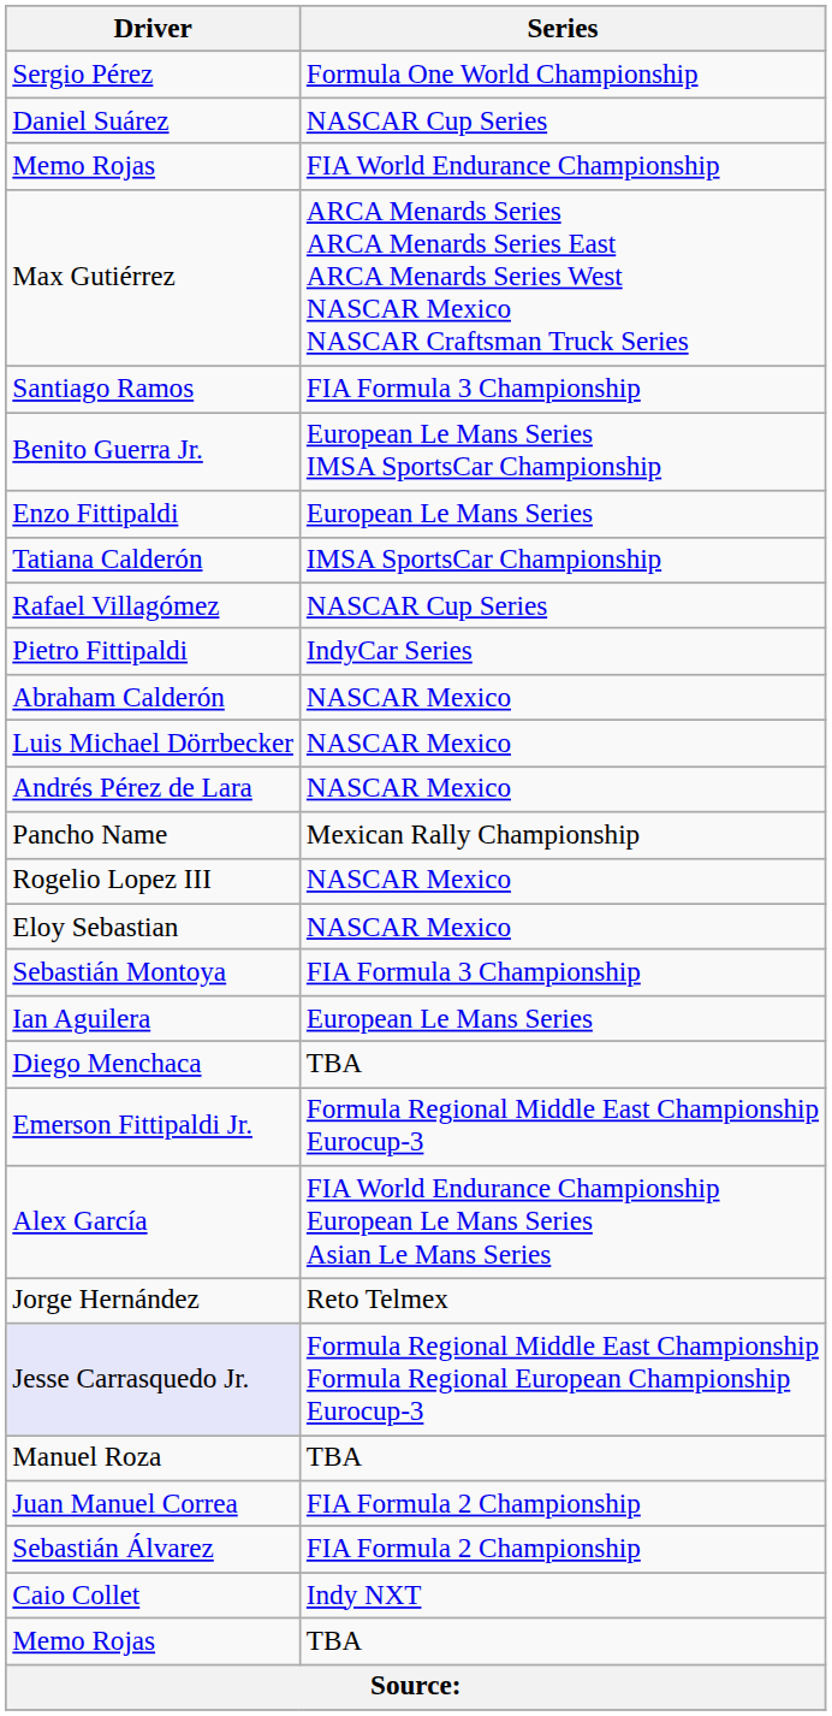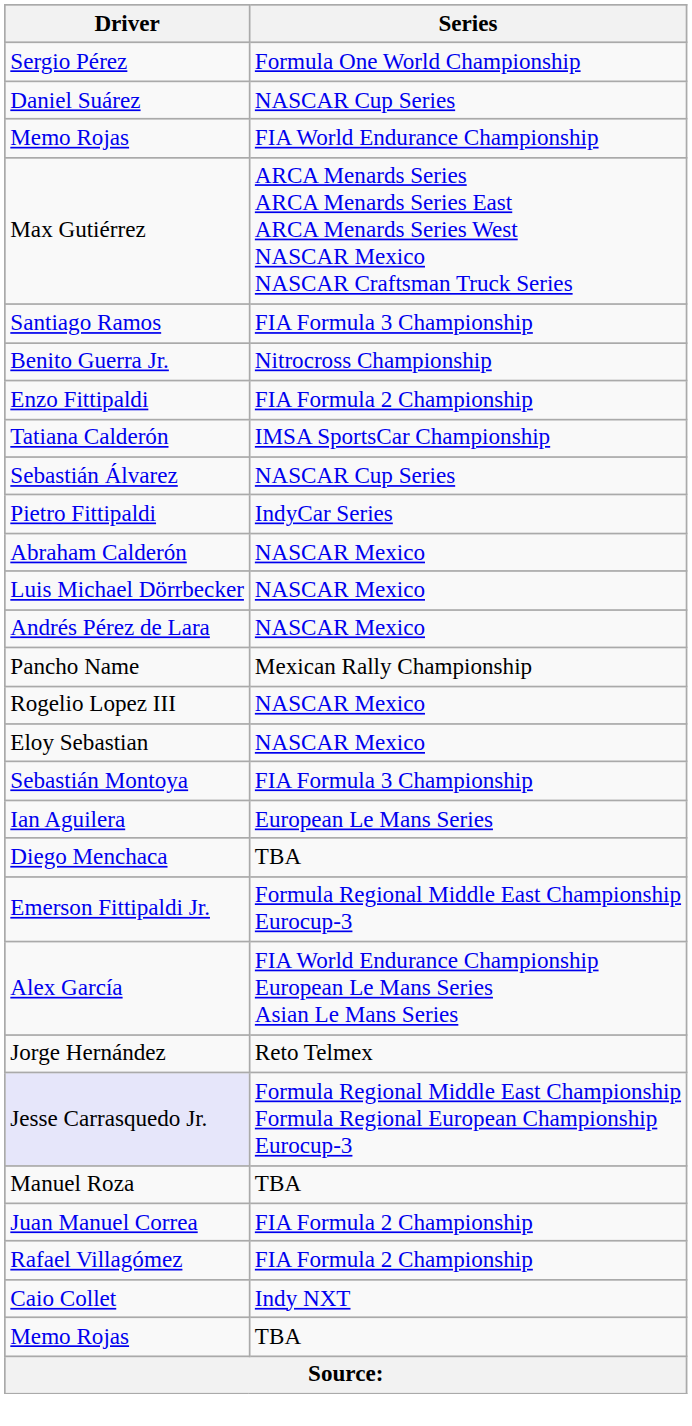 <table class="wikitable sortable" border="1" style="font-size: 85%;">
 <tr>
 <th>Driver</th>
 <th>Series</th>
 </tr>
 <tr>
 <td> <a href='#'>Sergio Pérez</a></td>
 <td><a href='#'>Formula One World Championship</a></td>
 </tr>
 <tr>
 <td> <a href='#'>Daniel Suárez</a></td>
 <td><a href='#'>NASCAR Cup Series</a></td>
 </tr>
 <tr>
 <td> <a href='#'>Memo Rojas</a></td>
 <td><a href='#'>FIA World Endurance Championship</a></td>
 </tr>
 <tr>
 <td> Max Gutiérrez</td>
 <td><a href='#'>ARCA Menards Series</a><br><a href='#'>ARCA Menards Series East</a><br><a href='#'>ARCA Menards Series West</a><br><a href='#'>NASCAR Mexico</a><br><a href='#'>NASCAR Craftsman Truck Series</a></td>
 </tr>
 <tr>
 <td> <a href='#'>Santiago Ramos</a></td>
 <td><a href='#'>FIA Formula 3 Championship</a></td>
 </tr>
 <tr>
 <td> <a href='#'>Benito Guerra Jr.</a></td>
-<td><a href='#'>European Le Mans Series</a><br><a href='#'>IMSA SportsCar Championship</a></td>
+<td><a href='#'>Nitrocross Championship</a></td>
 </tr>
 <tr>
 <td> <a href='#'>Enzo Fittipaldi</a></td>
-<td><a href='#'>European Le Mans Series</a></td>
+<td><a href='#'>FIA Formula 2 Championship</a></td>
 </tr>
 <tr>
 <td> <a href='#'>Tatiana Calderón</a></td>
 <td><a href='#'>IMSA SportsCar Championship</a></td>
 </tr>
 <tr>
-<td> <a href='#'>Rafael Villagómez</a></td>
+<td> <a href='#'>Sebastián Álvarez</a></td>
 <td><a href='#'>NASCAR Cup Series</a></td>
 </tr>
 <tr>
 <td> <a href='#'>Pietro Fittipaldi</a></td>
 <td><a href='#'>IndyCar Series</a></td>
 </tr>
 <tr>
 <td> <a href='#'>Abraham Calderón</a></td>
 <td><a href='#'>NASCAR Mexico</a></td>
 </tr>
 <tr>
 <td> <a href='#'>Luis Michael Dörrbecker</a></td>
 <td><a href='#'>NASCAR Mexico</a></td>
 </tr>
 <tr>
 <td> <a href='#'>Andrés Pérez de Lara</a></td>
 <td><a href='#'>NASCAR Mexico</a></td>
 </tr>
 <tr>
 <td> Pancho Name</td>
 <td>Mexican Rally Championship</td>
 </tr>
 <tr>
 <td> Rogelio Lopez III</td>
 <td><a href='#'>NASCAR Mexico</a></td>
 </tr>
 <tr>
 <td> Eloy Sebastian</td>
 <td><a href='#'>NASCAR Mexico</a></td>
 </tr>
 <tr>
 <td> <a href='#'>Sebastián Montoya</a></td>
 <td><a href='#'>FIA Formula 3 Championship</a></td>
 </tr>
 <tr>
 <td> <a href='#'>Ian Aguilera</a></td>
 <td><a href='#'>European Le Mans Series</a></td>
 </tr>
 <tr>
 <td> <a href='#'>Diego Menchaca</a></td>
 <td>TBA</td>
 </tr>
 <tr>
 <td> <a href='#'>Emerson Fittipaldi Jr.</a></td>
 <td><a href='#'>Formula Regional Middle East Championship</a><br><a href='#'>Eurocup-3</a></td>
 </tr>
 <tr>
 <td> <a href='#'>Alex García</a></td>
 <td><a href='#'>FIA World Endurance Championship</a><br><a href='#'>European Le Mans Series</a><br><a href='#'>Asian Le Mans Series</a></td>
 </tr>
 <tr>
 <td> Jorge Hernández</td>
 <td>Reto Telmex</td>
 </tr>
 <tr>
 <td style="background: lavender;"> Jesse Carrasquedo Jr.</td>
 <td><a href='#'>Formula Regional Middle East Championship</a><br><a href='#'>Formula Regional European Championship</a><br><a href='#'>Eurocup-3</a></td>
 </tr>
 <tr>
 <td> Manuel Roza</td>
 <td>TBA</td>
 </tr>
 <tr>
 <td> <a href='#'>Juan Manuel Correa</a></td>
 <td><a href='#'>FIA Formula 2 Championship</a></td>
 </tr>
 <tr>
-<td> <a href='#'>Sebastián Álvarez</a></td>
+<td> <a href='#'>Rafael Villagómez</a></td>
 <td><a href='#'>FIA Formula 2 Championship</a></td>
 </tr>
 <tr>
 <td> <a href='#'>Caio Collet</a></td>
 <td><a href='#'>Indy NXT</a></td>
 </tr>
 <tr>
 <td> <a href='#'>Memo Rojas</a></td>
 <td>TBA</td>
 </tr>
 <tr>
 <th colspan="2">Source:</th>
 </tr>
 </table>
